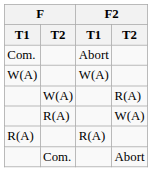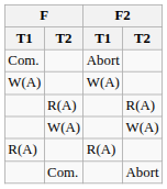 <table class="wikitable">
 <tr>
 <th colspan="2">F</th>
 <th colspan="2">F2</th>
 </tr>
 <tr>
 <th>T1</th>
 <th>T2</th>
 <th>T1</th>
 <th>T2</th>
 </tr>
 <tr>
 <td>Com.</td>
 <td></td>
 <td>Abort</td>
 <td></td>
 </tr>
 <tr>
 <td>W(A)</td>
 <td></td>
 <td>W(A)</td>
 <td></td>
 </tr>
 <tr>
 <td></td>
-<td>W(A)</td>
+<td>R(A)</td>
 <td></td>
 <td>R(A)</td>
 </tr>
 <tr>
 <td></td>
-<td>R(A)</td>
+<td>W(A)</td>
 <td></td>
 <td>W(A)</td>
 </tr>
 <tr>
 <td>R(A)</td>
 <td></td>
 <td>R(A)</td>
 <td></td>
 </tr>
 <tr>
 <td></td>
 <td>Com.</td>
 <td></td>
 <td>Abort</td>
 </tr>
 </table>
